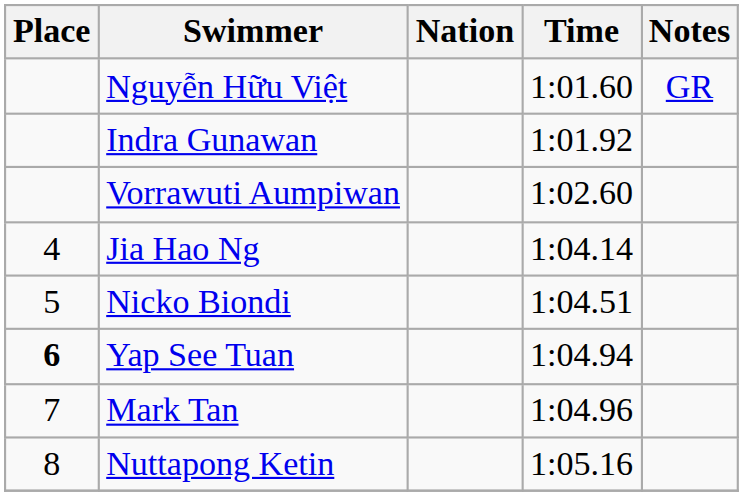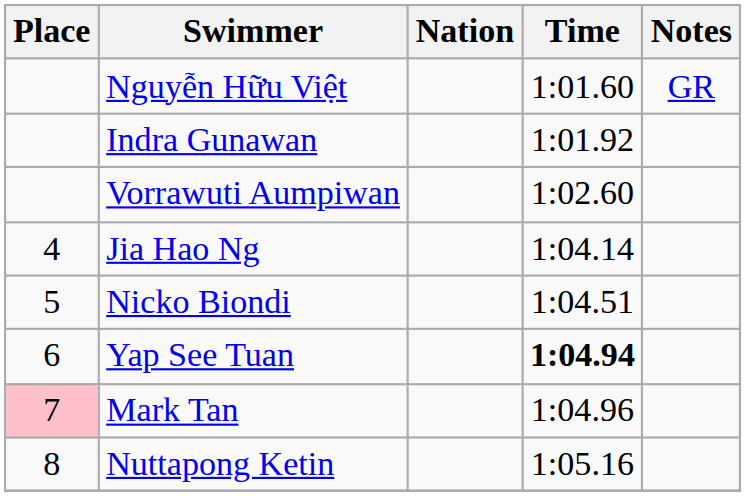 <table class="wikitable sortable" style="text-align:center">
 <tr>
 <th>Place</th>
 <th>Swimmer</th>
 <th>Nation</th>
 <th>Time</th>
 <th>Notes</th>
 </tr>
 <tr>
 <td></td>
 <td align=left><a href='#'>Nguyễn Hữu Việt</a></td>
 <td align=left></td>
 <td>1:01.60</td>
 <td><a href='#'>GR</a></td>
 </tr>
 <tr>
 <td></td>
 <td align=left><a href='#'>Indra Gunawan</a></td>
 <td align=left></td>
 <td>1:01.92</td>
 <td></td>
 </tr>
 <tr>
 <td></td>
 <td align=left><a href='#'>Vorrawuti Aumpiwan</a></td>
 <td align=left></td>
 <td>1:02.60</td>
 <td></td>
 </tr>
 <tr>
 <td>4</td>
 <td align=left><a href='#'>Jia Hao Ng</a></td>
 <td align=left></td>
 <td>1:04.14</td>
 <td></td>
 </tr>
 <tr>
 <td>5</td>
 <td align=left><a href='#'>Nicko Biondi</a></td>
 <td align=left></td>
 <td>1:04.51</td>
 <td></td>
 </tr>
 <tr>
-<td><strong>6</strong></td>
+<td>6</td>
 <td align=left><a href='#'>Yap See Tuan</a></td>
 <td align=left></td>
-<td>1:04.94</td>
+<td><strong>1:04.94</strong></td>
 <td></td>
 </tr>
 <tr>
-<td>7</td>
+<td style="background: pink;">7</td>
 <td align=left><a href='#'>Mark Tan</a></td>
 <td align=left></td>
 <td>1:04.96</td>
 <td></td>
 </tr>
 <tr>
 <td>8</td>
 <td align=left><a href='#'>Nuttapong Ketin</a></td>
 <td align=left></td>
 <td>1:05.16</td>
 <td></td>
 </tr>
 <tr>
 </tr>
 </table>
